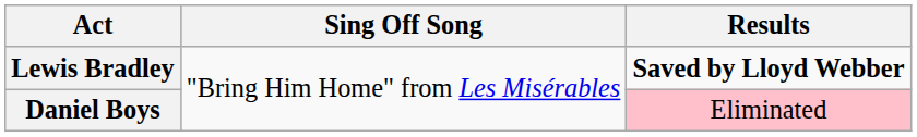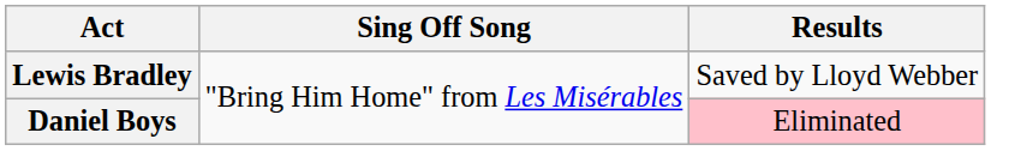 <table class="wikitable plainrowheaders" style="text-align:center;">
 <tr>
 <th scope="col">Act</th>
 <th scope="col">Sing Off Song</th>
 <th scope="col">Results</th>
 </tr>
 <tr>
 <th scope="row">Lewis Bradley</th>
 <td rowspan="2">"Bring Him Home" from <em><a href='#'>Les Misérables</a></em></td>
-<td><strong>Saved by Lloyd Webber</strong></td>
+<td>Saved by Lloyd Webber</td>
 </tr>
 <tr>
 <th scope="row">Daniel Boys</th>
 <td style="background:pink;">Eliminated</td>
 </tr>
 </table>
